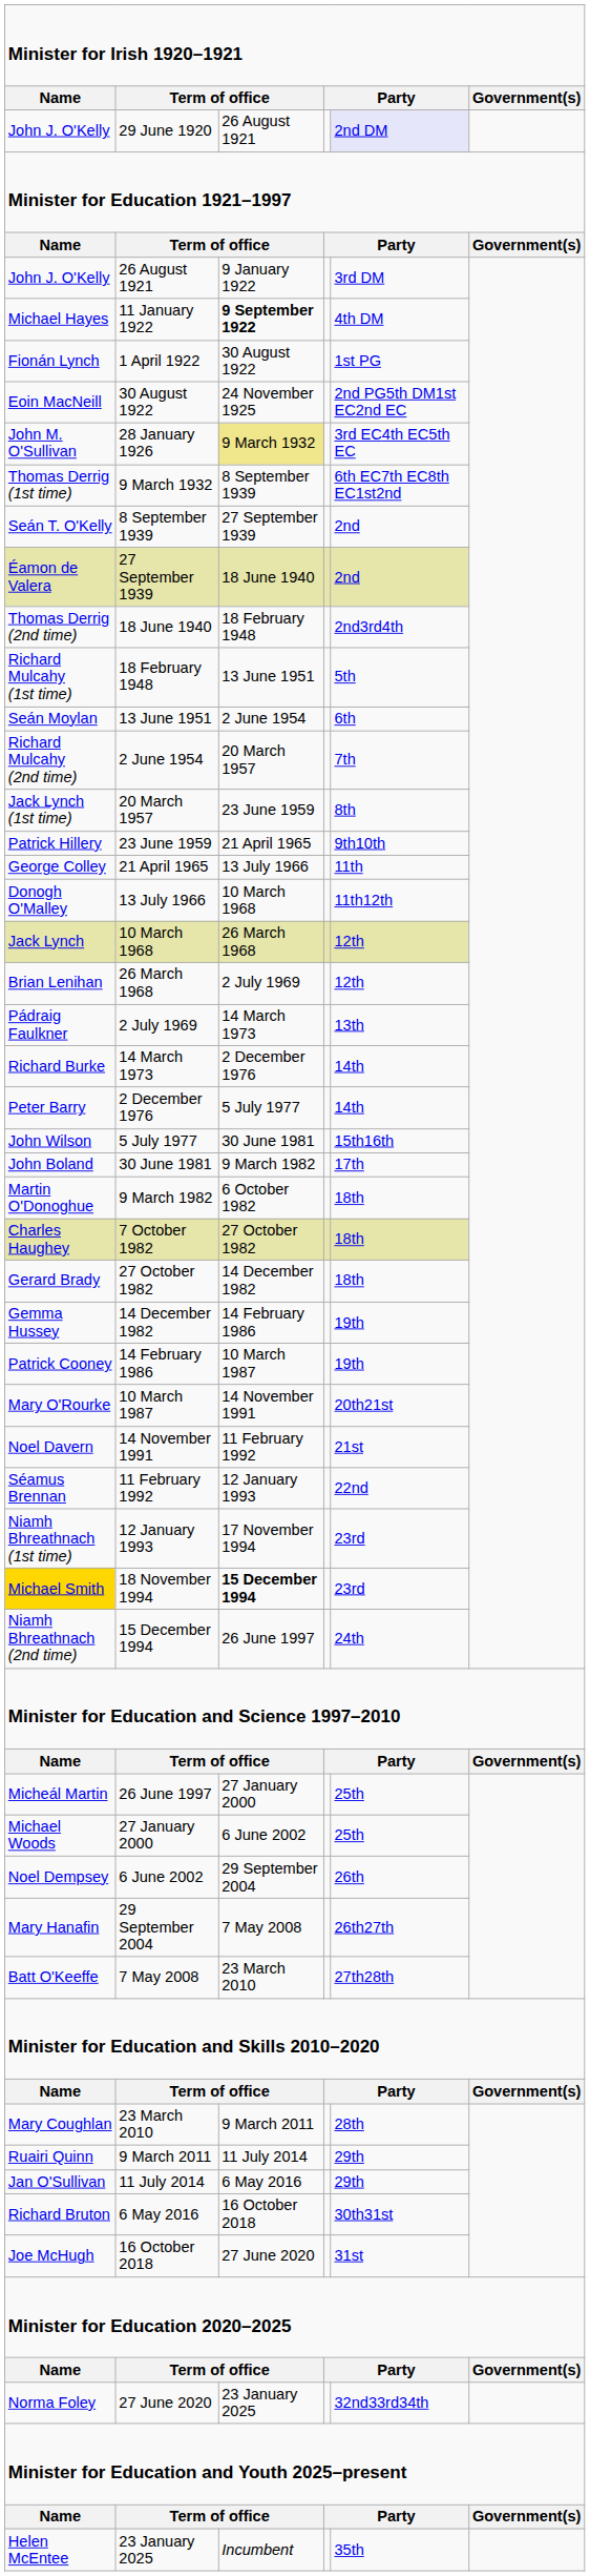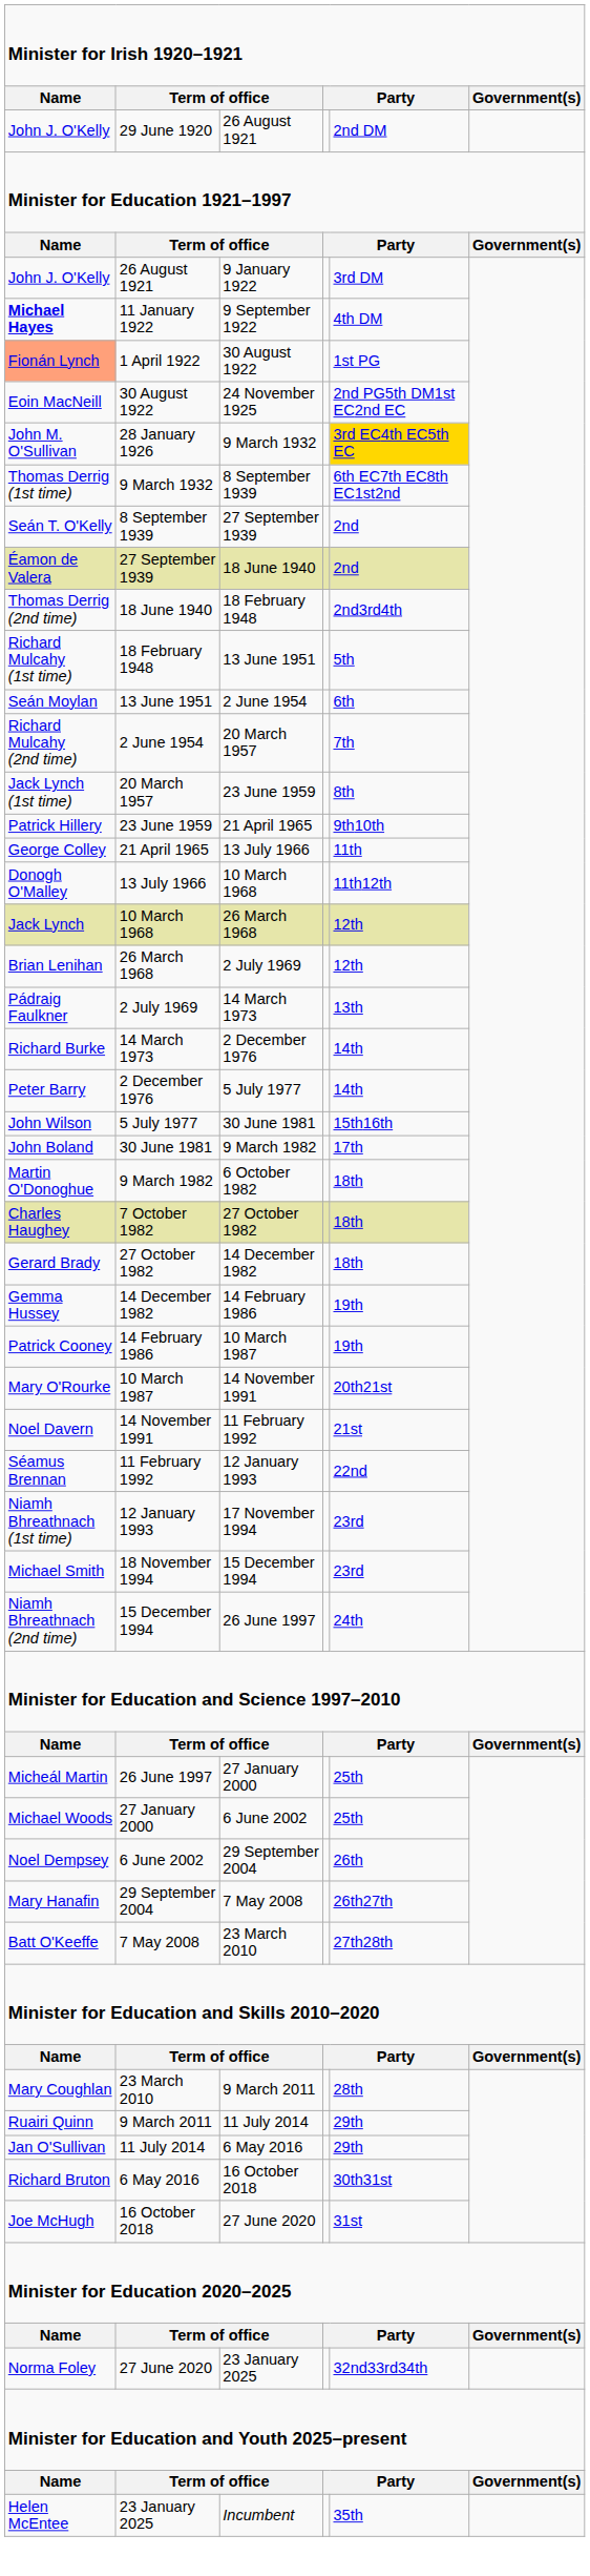 <table class ="wikitable">
 <tr>
 <td colspan="6"><br><h3>Minister for Irish 1920–1921</h3></td>
 </tr>
 <tr>
 <th>Name</th>
 <th colspan="2">Term of office</th>
 <th colspan="2">Party</th>
 <th>Government(s)</th>
 </tr>
 <tr>
 <td><a href='#'>John J. O'Kelly</a></td>
 <td>29 June 1920</td>
 <td>26 August 1921</td>
 <td></td>
-<td style="background: lavender;"><a href='#'>2nd DM</a></td>
+<td><a href='#'>2nd DM</a></td>
 </tr>
 <tr>
 <td colspan="6"><br><h3>Minister for Education 1921–1997</h3></td>
 </tr>
 <tr>
 <th>Name</th>
 <th colspan="2">Term of office</th>
 <th colspan="2">Party</th>
 <th>Government(s)</th>
 </tr>
 <tr>
 <td><a href='#'>John J. O'Kelly</a></td>
 <td>26 August 1921</td>
 <td>9 January 1922</td>
 <td></td>
 <td><a href='#'>3rd DM</a></td>
 </tr>
 <tr>
-<td><a href='#'>Michael Hayes</a></td>
+<td><strong><a href='#'>Michael Hayes</a></strong></td>
 <td>11 January 1922</td>
-<td><strong>9 September 1922</strong></td>
+<td>9 September 1922</td>
 <td></td>
 <td><a href='#'>4th DM</a></td>
 </tr>
 <tr>
-<td><a href='#'>Fionán Lynch</a></td>
+<td style="background: lightsalmon;"><a href='#'>Fionán Lynch</a></td>
 <td>1 April 1922</td>
 <td>30 August 1922</td>
 <td></td>
 <td><a href='#'>1st PG</a></td>
 </tr>
 <tr>
 <td><a href='#'>Eoin MacNeill</a></td>
 <td>30 August 1922</td>
 <td>24 November 1925</td>
 <td></td>
 <td><a href='#'>2nd PG</a><a href='#'>5th DM</a><a href='#'>1st EC</a><a href='#'>2nd EC</a></td>
 </tr>
 <tr>
 <td><a href='#'>John M. O'Sullivan</a></td>
 <td>28 January 1926</td>
-<td style="background: khaki;">9 March 1932</td>
+<td>9 March 1932</td>
 <td></td>
-<td><a href='#'>3rd EC</a><a href='#'>4th EC</a><a href='#'>5th EC</a></td>
+<td style="background: gold;"><a href='#'>3rd EC</a><a href='#'>4th EC</a><a href='#'>5th EC</a></td>
 </tr>
 <tr>
 <td><a href='#'>Thomas Derrig</a><br><em>(1st time)</em></td>
 <td>9 March 1932</td>
 <td>8 September 1939</td>
 <td></td>
 <td><a href='#'>6th EC</a><a href='#'>7th EC</a><a href='#'>8th EC</a><a href='#'>1st</a><a href='#'>2nd</a></td>
 </tr>
 <tr>
 <td><a href='#'>Seán T. O'Kelly</a></td>
 <td>8 September 1939</td>
 <td>27 September 1939</td>
 <td></td>
 <td><a href='#'>2nd</a></td>
 </tr>
 <tr bgcolor=#E6E6AA>
 <td><a href='#'>Éamon de Valera</a> </td>
 <td>27 September 1939</td>
 <td>18 June 1940</td>
 <td></td>
 <td><a href='#'>2nd</a></td>
 </tr>
 <tr>
 <td><a href='#'>Thomas Derrig</a><br><em>(2nd time)</em></td>
 <td>18 June 1940</td>
 <td>18 February 1948</td>
 <td></td>
 <td><a href='#'>2nd</a><a href='#'>3rd</a><a href='#'>4th</a></td>
 </tr>
 <tr>
 <td><a href='#'>Richard Mulcahy</a><br><em>(1st time)</em></td>
 <td>18 February 1948</td>
 <td>13 June 1951</td>
 <td></td>
 <td><a href='#'>5th</a></td>
 </tr>
 <tr>
 <td><a href='#'>Seán Moylan</a></td>
 <td>13 June 1951</td>
 <td>2 June 1954</td>
 <td></td>
 <td><a href='#'>6th</a></td>
 </tr>
 <tr>
 <td><a href='#'>Richard Mulcahy</a><br><em>(2nd time)</em></td>
 <td>2 June 1954</td>
 <td>20 March 1957</td>
 <td></td>
 <td><a href='#'>7th</a></td>
 </tr>
 <tr>
 <td><a href='#'>Jack Lynch</a><br><em>(1st time)</em></td>
 <td>20 March 1957</td>
 <td>23 June 1959</td>
 <td></td>
 <td><a href='#'>8th</a></td>
 </tr>
 <tr>
 <td><a href='#'>Patrick Hillery</a></td>
 <td>23 June 1959</td>
 <td>21 April 1965</td>
 <td></td>
 <td><a href='#'>9th</a><a href='#'>10th</a></td>
 </tr>
 <tr>
 <td><a href='#'>George Colley</a></td>
 <td>21 April 1965</td>
 <td>13 July 1966</td>
 <td></td>
 <td><a href='#'>11th</a></td>
 </tr>
 <tr>
 <td><a href='#'>Donogh O'Malley</a></td>
 <td>13 July 1966</td>
 <td>10 March 1968</td>
 <td></td>
 <td><a href='#'>11th</a><a href='#'>12th</a></td>
 </tr>
 <tr bgcolor=#E6E6AA>
 <td><a href='#'>Jack Lynch</a> </td>
 <td>10 March 1968</td>
 <td>26 March 1968</td>
 <td></td>
 <td><a href='#'>12th</a></td>
 </tr>
 <tr>
 <td><a href='#'>Brian Lenihan</a></td>
 <td>26 March 1968</td>
 <td>2 July 1969</td>
 <td></td>
 <td><a href='#'>12th</a></td>
 </tr>
 <tr>
 <td><a href='#'>Pádraig Faulkner</a></td>
 <td>2 July 1969</td>
 <td>14 March 1973</td>
 <td></td>
 <td><a href='#'>13th</a></td>
 </tr>
 <tr>
 <td><a href='#'>Richard Burke</a></td>
 <td>14 March 1973</td>
 <td>2 December 1976</td>
 <td></td>
 <td><a href='#'>14th</a></td>
 </tr>
 <tr>
 <td><a href='#'>Peter Barry</a></td>
 <td>2 December 1976</td>
 <td>5 July 1977</td>
 <td></td>
 <td><a href='#'>14th</a></td>
 </tr>
 <tr>
 <td><a href='#'>John Wilson</a></td>
 <td>5 July 1977</td>
 <td>30 June 1981</td>
 <td></td>
 <td><a href='#'>15th</a><a href='#'>16th</a></td>
 </tr>
 <tr>
 <td><a href='#'>John Boland</a></td>
 <td>30 June 1981</td>
 <td>9 March 1982</td>
 <td></td>
 <td><a href='#'>17th</a></td>
 </tr>
 <tr>
 <td><a href='#'>Martin O'Donoghue</a></td>
 <td>9 March 1982</td>
 <td>6 October 1982</td>
 <td></td>
 <td><a href='#'>18th</a></td>
 </tr>
 <tr bgcolor=#E6E6AA>
 <td><a href='#'>Charles Haughey</a> </td>
 <td>7 October 1982</td>
 <td>27 October 1982</td>
 <td></td>
 <td><a href='#'>18th</a></td>
 </tr>
 <tr>
 <td><a href='#'>Gerard Brady</a></td>
 <td>27 October 1982</td>
 <td>14 December 1982</td>
 <td></td>
 <td><a href='#'>18th</a></td>
 </tr>
 <tr>
 <td><a href='#'>Gemma Hussey</a></td>
 <td>14 December 1982</td>
 <td>14 February 1986</td>
 <td></td>
 <td><a href='#'>19th</a></td>
 </tr>
 <tr>
 <td><a href='#'>Patrick Cooney</a></td>
 <td>14 February 1986</td>
 <td>10 March 1987</td>
 <td></td>
 <td><a href='#'>19th</a></td>
 </tr>
 <tr>
 <td><a href='#'>Mary O'Rourke</a></td>
 <td>10 March 1987</td>
 <td>14 November 1991</td>
 <td></td>
 <td><a href='#'>20th</a><a href='#'>21st</a></td>
 </tr>
 <tr>
 <td><a href='#'>Noel Davern</a></td>
 <td>14 November 1991</td>
 <td>11 February 1992</td>
 <td></td>
 <td><a href='#'>21st</a></td>
 </tr>
 <tr>
 <td><a href='#'>Séamus Brennan</a></td>
 <td>11 February 1992</td>
 <td>12 January 1993</td>
 <td></td>
 <td><a href='#'>22nd</a></td>
 </tr>
 <tr>
 <td><a href='#'>Niamh Bhreathnach</a><br><em>(1st time)</em></td>
 <td>12 January 1993</td>
 <td>17 November 1994</td>
 <td></td>
 <td><a href='#'>23rd</a></td>
 </tr>
 <tr>
-<td style="background: gold;"><a href='#'>Michael Smith</a></td>
+<td><a href='#'>Michael Smith</a></td>
 <td>18 November 1994</td>
-<td><strong>15 December 1994</strong></td>
+<td>15 December 1994</td>
 <td></td>
 <td><a href='#'>23rd</a></td>
 </tr>
 <tr>
 <td><a href='#'>Niamh Bhreathnach</a><br><em>(2nd time)</em></td>
 <td>15 December 1994</td>
 <td>26 June 1997</td>
 <td></td>
 <td><a href='#'>24th</a></td>
 </tr>
 <tr>
 <td colspan="6"><br><h3>Minister for Education and Science 1997–2010</h3></td>
 </tr>
 <tr>
 <th>Name</th>
 <th colspan="2">Term of office</th>
 <th colspan="2">Party</th>
 <th>Government(s)</th>
 </tr>
 <tr>
 <td><a href='#'>Micheál Martin</a></td>
 <td>26 June 1997</td>
 <td>27 January 2000</td>
 <td></td>
 <td><a href='#'>25th</a></td>
 </tr>
 <tr>
 <td><a href='#'>Michael Woods</a></td>
 <td>27 January 2000</td>
 <td>6 June 2002</td>
 <td></td>
 <td><a href='#'>25th</a></td>
 </tr>
 <tr>
 <td><a href='#'>Noel Dempsey</a></td>
 <td>6 June 2002</td>
 <td>29 September 2004</td>
 <td></td>
 <td><a href='#'>26th</a></td>
 </tr>
 <tr>
 <td><a href='#'>Mary Hanafin</a></td>
 <td>29 September 2004</td>
 <td>7 May 2008</td>
 <td></td>
 <td><a href='#'>26th</a><a href='#'>27th</a></td>
 </tr>
 <tr>
 <td><a href='#'>Batt O'Keeffe</a></td>
 <td>7 May 2008</td>
 <td>23 March 2010</td>
 <td></td>
 <td><a href='#'>27th</a><a href='#'>28th</a></td>
 </tr>
 <tr>
 <td colspan="6"><br><h3>Minister for Education and Skills 2010–2020</h3></td>
 </tr>
 <tr>
 <th>Name</th>
 <th colspan="2">Term of office</th>
 <th colspan="2">Party</th>
 <th>Government(s)</th>
 </tr>
 <tr>
 <td><a href='#'>Mary Coughlan</a></td>
 <td>23 March 2010</td>
 <td>9 March 2011</td>
 <td></td>
 <td><a href='#'>28th</a></td>
 </tr>
 <tr>
 <td><a href='#'>Ruairi Quinn</a></td>
 <td>9 March 2011</td>
 <td>11 July 2014</td>
 <td></td>
 <td><a href='#'>29th</a></td>
 </tr>
 <tr>
 <td><a href='#'>Jan O'Sullivan</a></td>
 <td>11 July 2014</td>
 <td>6 May 2016</td>
 <td></td>
 <td><a href='#'>29th</a></td>
 </tr>
 <tr>
 <td><a href='#'>Richard Bruton</a></td>
 <td>6 May 2016</td>
 <td>16 October 2018</td>
 <td></td>
 <td><a href='#'>30th</a><a href='#'>31st</a></td>
 </tr>
 <tr>
 <td><a href='#'>Joe McHugh</a></td>
 <td>16 October 2018</td>
 <td>27 June 2020</td>
 <td></td>
 <td><a href='#'>31st</a></td>
 </tr>
 <tr>
 <td colspan="6"><br><h3>Minister for Education 2020–2025</h3></td>
 </tr>
 <tr>
 <th>Name</th>
 <th colspan="2">Term of office</th>
 <th colspan="2">Party</th>
 <th>Government(s)</th>
 </tr>
 <tr>
 <td><a href='#'>Norma Foley</a></td>
 <td>27 June 2020</td>
 <td>23 January 2025</td>
 <td></td>
 <td><a href='#'>32nd</a><a href='#'>33rd</a><a href='#'>34th</a></td>
 </tr>
 <tr>
 <td colspan="6"><br><h3>Minister for Education and Youth 2025–present</h3></td>
 </tr>
 <tr>
 <th>Name</th>
 <th colspan="2">Term of office</th>
 <th colspan="2">Party</th>
 <th>Government(s)</th>
 </tr>
 <tr>
 <td><a href='#'>Helen McEntee</a></td>
 <td>23 January 2025</td>
 <td><em>Incumbent</em></td>
 <td></td>
 <td><a href='#'>35th</a></td>
 </tr>
 </table>
